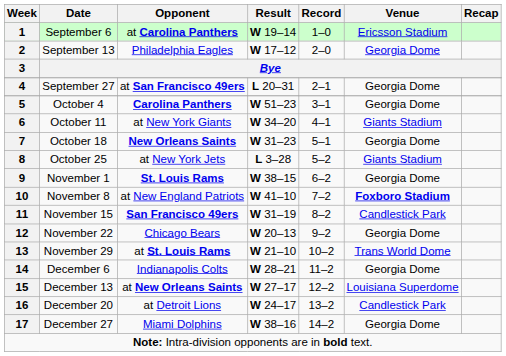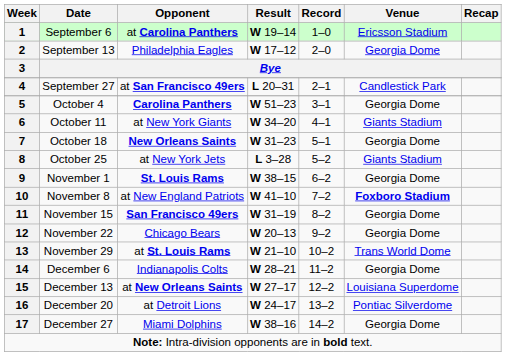 <table class="wikitable" style="text-align:center">
 <tr>
 <th>Week</th>
 <th>Date</th>
 <th>Opponent</th>
 <th>Result</th>
 <th>Record</th>
 <th>Venue</th>
 <th>Recap</th>
 </tr>
 <tr style="background: #cfc;">
 <th>1</th>
 <td>September 6</td>
 <td>at <strong><a href='#'>Carolina Panthers</a></strong></td>
 <td><strong>W</strong> 19–14</td>
 <td>1–0</td>
 <td><a href='#'>Ericsson Stadium</a></td>
 <td></td>
 </tr>
 <tr -style="background: #cfc;">
 <th>2</th>
 <td>September 13</td>
 <td><a href='#'>Philadelphia Eagles</a></td>
 <td><strong>W</strong> 17–12</td>
 <td>2–0</td>
 <td><a href='#'>Georgia Dome</a></td>
 <td></td>
 </tr>
 <tr>
 <th>3</th>
 <th colspan="7"><em><a href='#'>Bye</a></em></th>
 </tr>
 <tr>
 </tr>
 <tr -style="background: #fcc;">
 <th>4</th>
 <td>September 27</td>
 <td>at <strong><a href='#'>San Francisco 49ers</a></strong></td>
 <td><strong>L</strong> 20–31</td>
 <td>2–1</td>
-<td>Georgia Dome</td>
+<td><a href='#'>Candlestick Park</a></td>
 <td></td>
 </tr>
 <tr>
 </tr>
 <tr -style="background: #cfc;">
 <th>5</th>
 <td>October 4</td>
 <td><strong><a href='#'>Carolina Panthers</a></strong></td>
 <td><strong>W</strong> 51–23</td>
 <td>3–1</td>
 <td>Georgia Dome</td>
 <td></td>
 </tr>
 <tr -style="background: #cfc;">
 <th>6</th>
 <td>October 11</td>
 <td>at <a href='#'>New York Giants</a></td>
 <td><strong>W</strong> 34–20</td>
 <td>4–1</td>
 <td><a href='#'>Giants Stadium</a></td>
 <td></td>
 </tr>
 <tr -style="background: #cfc;">
 <th>7</th>
 <td>October 18</td>
 <td><strong><a href='#'>New Orleans Saints</a></strong></td>
 <td><strong>W</strong> 31–23</td>
 <td>5–1</td>
 <td>Georgia Dome</td>
 <td></td>
 </tr>
 <tr -style="background: #fcc;">
 <th>8</th>
 <td>October 25</td>
 <td>at <a href='#'>New York Jets</a></td>
 <td><strong>L</strong> 3–28</td>
 <td>5–2</td>
 <td><a href='#'>Giants Stadium</a></td>
 <td></td>
 </tr>
 <tr -style="background: #cfc">
 <th>9</th>
 <td>November 1</td>
 <td><strong><a href='#'>St. Louis Rams</a></strong></td>
 <td><strong>W</strong> 38–15</td>
 <td>6–2</td>
 <td>Georgia Dome</td>
 <td></td>
 </tr>
 <tr -style="background: #cfc;">
 <th>10</th>
 <td>November 8</td>
 <td>at <a href='#'>New England Patriots</a></td>
 <td><strong>W</strong> 41–10</td>
 <td>7–2</td>
 <td><strong><a href='#'>Foxboro Stadium</a></strong></td>
 <td></td>
 </tr>
 <tr -style="background: #cfc;">
 <th>11</th>
 <td>November 15</td>
 <td><strong><a href='#'>San Francisco 49ers</a></strong></td>
 <td><strong>W</strong> 31–19</td>
 <td>8–2</td>
-<td><a href='#'>Candlestick Park</a></td>
+<td>Georgia Dome</td>
 <td></td>
 </tr>
 <tr -style="background: #cfc;">
 <th>12</th>
 <td>November 22</td>
 <td><a href='#'>Chicago Bears</a></td>
 <td><strong>W</strong> 20–13</td>
 <td>9–2</td>
 <td>Georgia Dome</td>
 <td></td>
 </tr>
 <tr -style="background: #cfc;">
 <th>13</th>
 <td>November 29</td>
 <td>at <strong><a href='#'>St. Louis Rams</a></strong></td>
 <td><strong>W</strong> 21–10</td>
 <td>10–2</td>
 <td><a href='#'>Trans World Dome</a></td>
 <td></td>
 </tr>
 <tr -style="background: #cfc;">
 <th>14</th>
 <td>December 6</td>
 <td><a href='#'>Indianapolis Colts</a></td>
 <td><strong>W</strong> 28–21</td>
 <td>11–2</td>
 <td>Georgia Dome</td>
 <td></td>
 </tr>
 <tr -style="background: #cfc;">
 <th>15</th>
 <td>December 13</td>
 <td>at <strong><a href='#'>New Orleans Saints</a></strong></td>
 <td><strong>W</strong> 27–17</td>
 <td>12–2</td>
 <td><a href='#'>Louisiana Superdome</a></td>
 <td></td>
 </tr>
 <tr -style="background: #cfc;">
 <th>16</th>
 <td>December 20</td>
 <td>at <a href='#'>Detroit Lions</a></td>
 <td><strong>W</strong> 24–17</td>
 <td>13–2</td>
-<td><a href='#'>Candlestick Park</a></td>
+<td><a href='#'>Pontiac Silverdome</a></td>
 <td></td>
 </tr>
 <tr -style="background: #cfc;">
 <th>17</th>
 <td>December 27</td>
 <td><a href='#'>Miami Dolphins</a></td>
 <td><strong>W</strong> 38–16</td>
 <td>14–2</td>
 <td>Georgia Dome</td>
 <td></td>
 </tr>
 <tr>
 <td colspan="8"><strong>Note:</strong> Intra-division opponents are in <strong>bold</strong> text.</td>
 </tr>
 </table>
